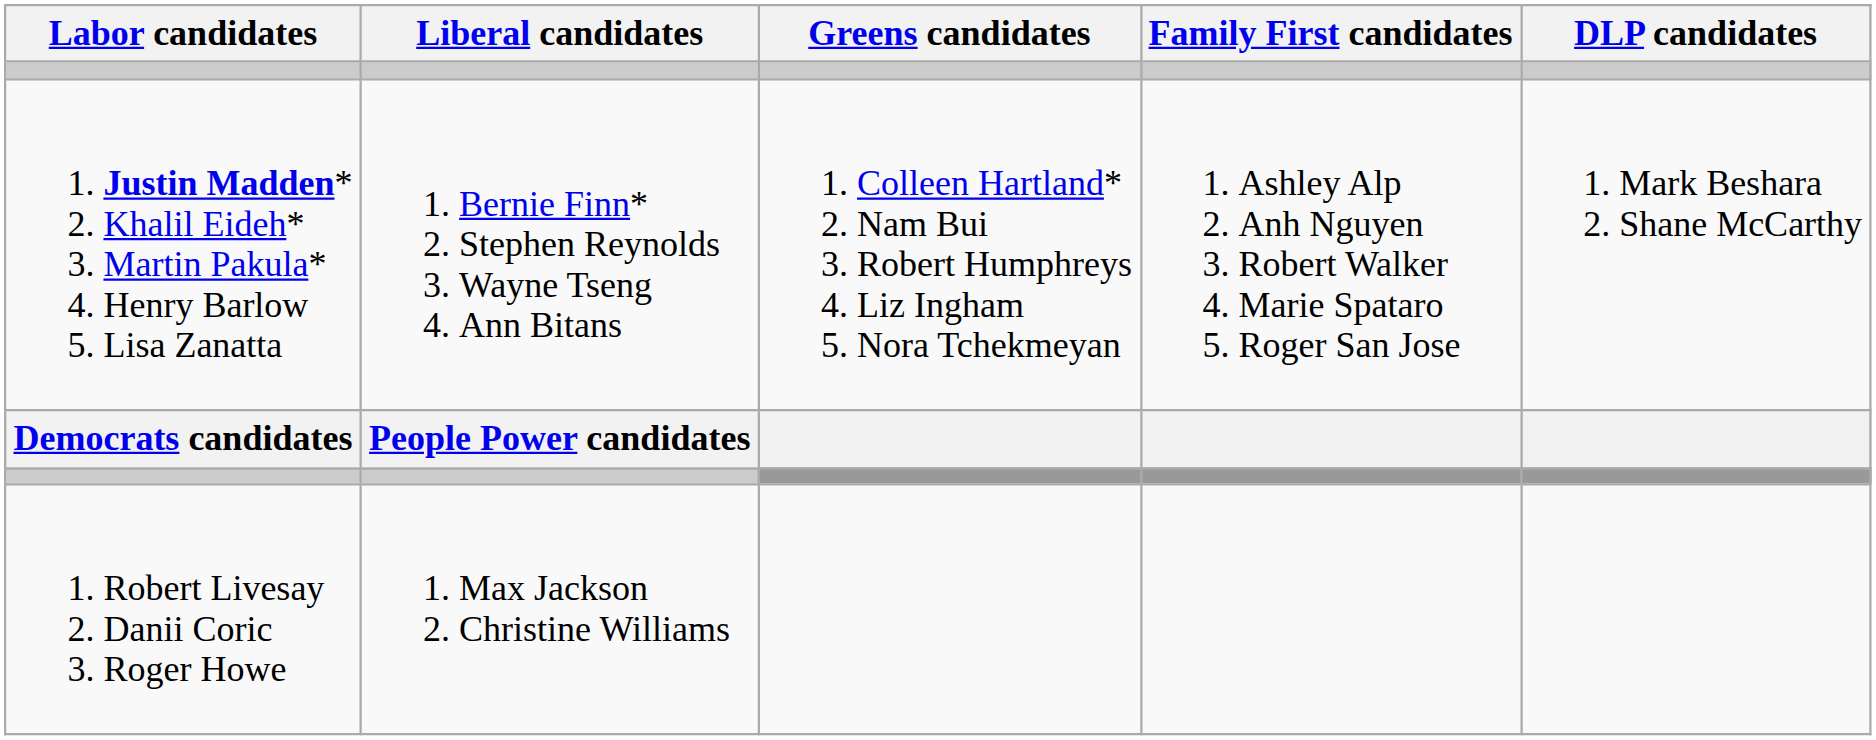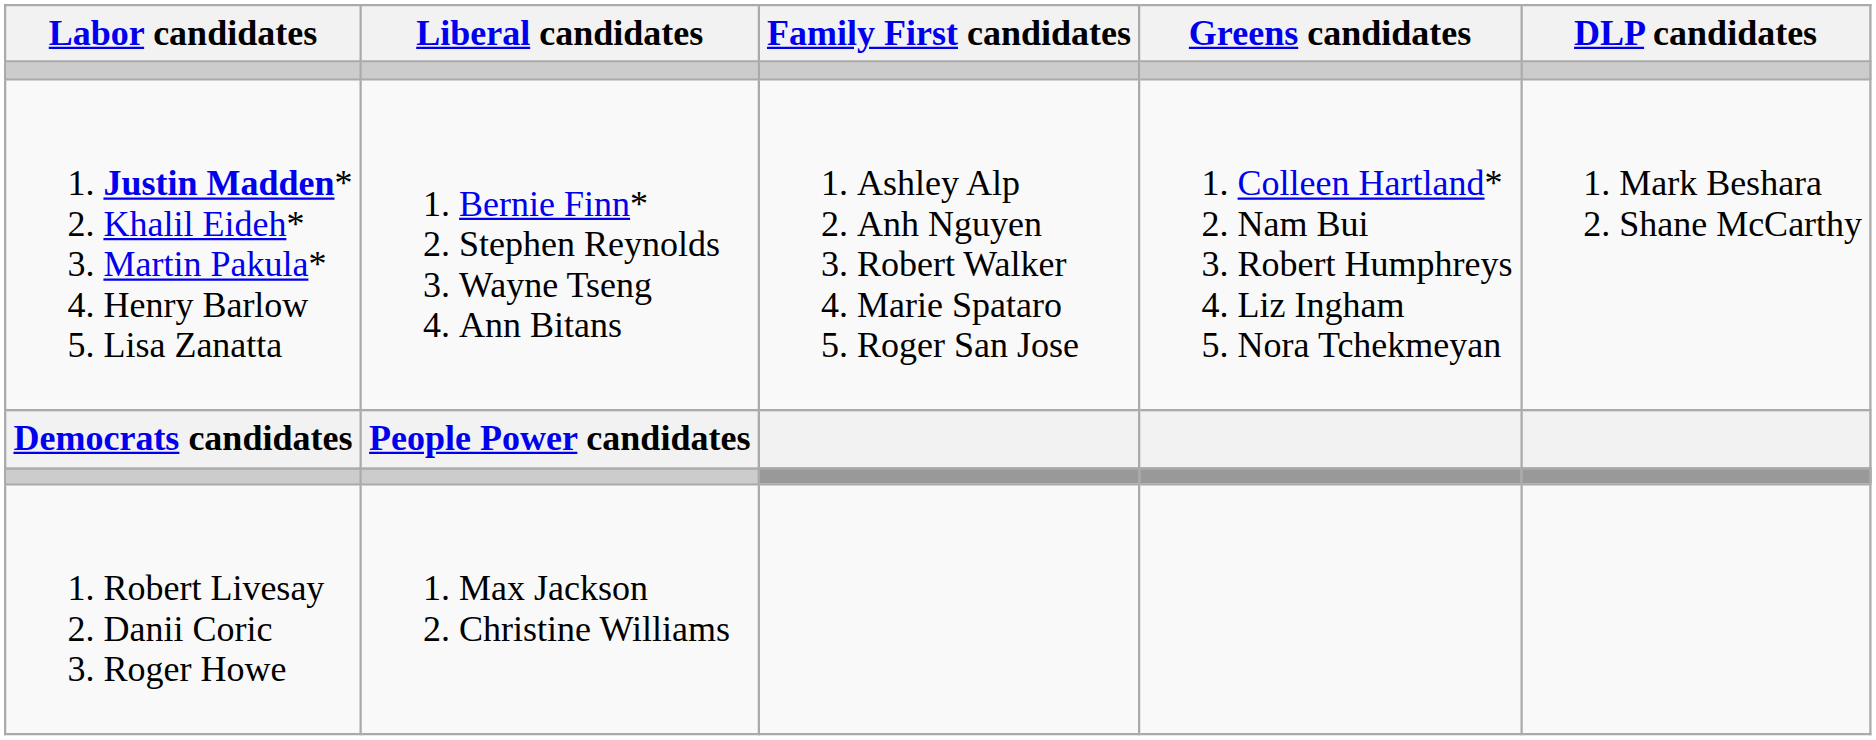 <table class="wikitable">
 <tr>
 <th><a href='#'>Labor</a> candidates</th>
 <th><a href='#'>Liberal</a> candidates</th>
+<th><a href='#'>Family First</a> candidates</th>
 <th><a href='#'>Greens</a> candidates</th>
-<th><a href='#'>Family First</a> candidates</th>
 <th><a href='#'>DLP</a> candidates</th>
 </tr>
 <tr bgcolor="#cccccc">
 <td></td>
 <td></td>
 <td></td>
 <td></td>
 <td></td>
 </tr>
 <tr>
 <td><br><ol><li><strong><a href='#'>Justin Madden</a></strong>*</li><li><a href='#'>Khalil Eideh</a>*</li><li><a href='#'>Martin Pakula</a>*</li><li>Henry Barlow</li><li>Lisa Zanatta</li></ol></td>
 <td><br><ol><li><a href='#'>Bernie Finn</a>*</li><li>Stephen Reynolds</li><li>Wayne Tseng</li><li>Ann Bitans</li></ol></td>
+<td valign=top><br><ol><li>Ashley Alp</li><li>Anh Nguyen</li><li>Robert Walker</li><li>Marie Spataro</li><li>Roger San Jose</li></ol></td>
 <td><br><ol><li><a href='#'>Colleen Hartland</a>*</li><li>Nam Bui</li><li>Robert Humphreys</li><li>Liz Ingham</li><li>Nora Tchekmeyan</li></ol></td>
-<td valign=top><br><ol><li>Ashley Alp</li><li>Anh Nguyen</li><li>Robert Walker</li><li>Marie Spataro</li><li>Roger San Jose</li></ol></td>
 <td valign=top><br><ol><li>Mark Beshara</li><li>Shane McCarthy</li></ol></td>
 </tr>
 <tr bgcolor="#cccccc">
 <th><a href='#'>Democrats</a> candidates</th>
 <th><a href='#'>People Power</a> candidates</th>
 <th></th>
 <th></th>
 <th></th>
 </tr>
 <tr bgcolor="#cccccc">
 <td></td>
 <td></td>
 <td bgcolor="#999999"></td>
 <td bgcolor="#999999"></td>
 <td bgcolor="#999999"></td>
 </tr>
 <tr>
 <td valign=top><br><ol><li>Robert Livesay</li><li>Danii Coric</li><li>Roger Howe</li></ol></td>
 <td valign=top><br><ol><li>Max Jackson</li><li>Christine Williams</li></ol></td>
 <td valign=top></td>
 <td valign=top></td>
 <td valign=top></td>
 </tr>
 </table>
